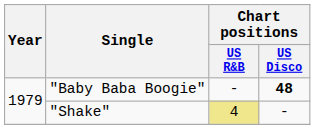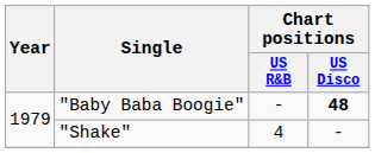 <table class="wikitable" style="text-align:center;">
 <tr>
 <th rowspan="2">Year</th>
 <th rowspan="2">Single</th>
 <th colspan="2">Chart positions</th>
 </tr>
 <tr style="font-size:smaller;">
 <th width="40"><a href='#'>US<br>R&B</a></th>
 <th width="40"><a href='#'>US<br>Disco</a></th>
 </tr>
 <tr>
 <td rowspan="2">1979</td>
 <td align="left">"Baby Baba Boogie"</td>
 <td>-</td>
 <td><strong>48</strong></td>
 </tr>
 <tr>
 <td align="left">"Shake"</td>
-<td style="background: khaki;">4</td>
+<td>4</td>
 <td>-</td>
 </tr>
 <tr>
 </tr>
 </table>
